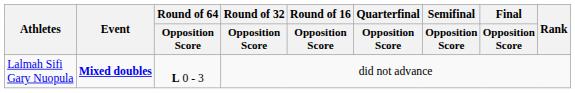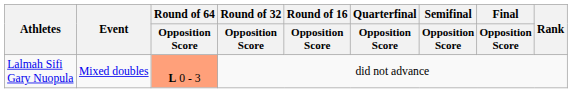 <table class="wikitable" style="font-size:90%">
 <tr>
 <th rowspan=2>Athletes</th>
 <th rowspan=2>Event</th>
 <th>Round of 64</th>
 <th>Round of 32</th>
 <th>Round of 16</th>
 <th>Quarterfinal</th>
 <th>Semifinal</th>
 <th>Final</th>
 <th rowspan=2>Rank</th>
 </tr>
 <tr style="font-size:95%">
 <th>Opposition<br>Score</th>
 <th>Opposition<br>Score</th>
 <th>Opposition<br>Score</th>
 <th>Opposition<br>Score</th>
 <th>Opposition<br>Score</th>
 <th>Opposition<br>Score</th>
 </tr>
 <tr align=center>
 <td align=left><a href='#'>Lalmah Sifi</a><br><a href='#'>Gary Nuopula</a></td>
-<td align=left><strong><a href='#'>Mixed doubles</a></strong></td>
-<td><br><strong>L</strong> 0 - 3</td>
+<td align=left><a href='#'>Mixed doubles</a></td>
+<td style="background: lightsalmon;"><br><strong>L</strong> 0 - 3</td>
 <td colspan=6>did not advance</td>
 </tr>
 </table>
